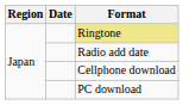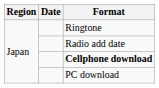 <table class="wikitable">
 <tr>
 <th>Region</th>
 <th>Date</th>
 <th>Format</th>
 </tr>
 <tr>
 <td rowspan="4">Japan</td>
 <td></td>
-<td style="background: khaki;">Ringtone</td>
+<td>Ringtone</td>
 </tr>
 <tr>
 <td></td>
 <td>Radio add date</td>
 </tr>
 <tr>
 <td></td>
-<td>Cellphone download</td>
+<td><strong>Cellphone download</strong></td>
 </tr>
 <tr>
 <td></td>
 <td>PC download</td>
 </tr>
 </table>
